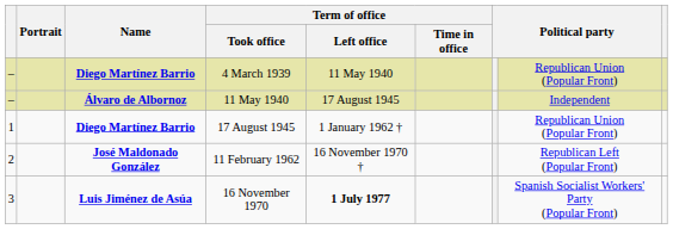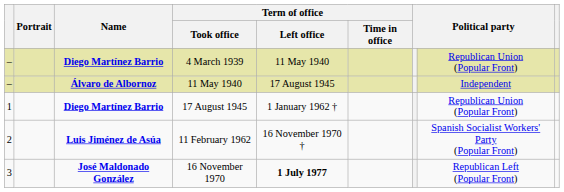 <table class="wikitable" style="text-align:center">
 <tr>
 <th rowspan=2></th>
 <th rowspan=2>Portrait</th>
 <th rowspan=2>Name<br></th>
 <th colspan=3>Term of office</th>
 <th colspan=2 rowspan=2>Political party</th>
 <th rowspan=2></th>
 </tr>
 <tr>
 <th>Took office</th>
 <th>Left office</th>
 <th>Time in office</th>
 </tr>
 <tr style="background:#e6e6aa;">
 <td>–</td>
 <td></td>
 <td><strong><a href='#'>Diego Martínez Barrio</a></strong><br></td>
 <td>4 March 1939</td>
 <td>11 May 1940</td>
 <td></td>
 <th style="background-color:"></th>
 <td><a href='#'>Republican Union</a><br>(<a href='#'>Popular Front</a>)</td>
 <td></td>
 </tr>
 <tr style="background:#e6e6aa;">
 <td>–</td>
 <td></td>
 <td><strong><a href='#'>Álvaro de Albornoz</a></strong><br></td>
 <td>11 May 1940</td>
 <td>17 August 1945</td>
 <td></td>
 <th style="background-color:"></th>
 <td><a href='#'>Independent</a></td>
 <td></td>
 </tr>
 <tr>
 <td>1</td>
 <td></td>
 <td><strong><a href='#'>Diego Martínez Barrio</a></strong><br></td>
 <td>17 August 1945</td>
 <td>1 January 1962 †</td>
 <td></td>
 <th style="background-color:"></th>
 <td><a href='#'>Republican Union</a><br>(<a href='#'>Popular Front</a>)</td>
 <td></td>
 </tr>
 <tr>
 <td>2</td>
 <td></td>
-<td><strong><a href='#'>José Maldonado González</a></strong><br></td>
+<td><strong><a href='#'>Luis Jiménez de Asúa</a></strong><br></td>
 <td>11 February 1962</td>
 <td>16 November 1970 †</td>
+<td></td>
+<th style="background-color:"></th>
+<td><a href='#'>Spanish Socialist Workers' Party</a><br>(<a href='#'>Popular Front</a>)</td>
+<td></td>
+</tr>
+<tr>
+<td>3</td>
+<td></td>
+<td><strong><a href='#'>José Maldonado González</a></strong><br></td>
+<td>16 November 1970</td>
+<td><strong>1 July 1977</strong></td>
 <td></td>
 <th style="background-color:"></th>
 <td><a href='#'>Republican Left</a><br>(<a href='#'>Popular Front</a>)</td>
 <td></td>
 </tr>
-<tr>
-<td>3</td>
-<td></td>
-<td><strong><a href='#'>Luis Jiménez de Asúa</a></strong><br></td>
-<td>16 November 1970</td>
-<td><strong>1 July 1977</strong></td>
-<td></td>
-<th style="background-color:"></th>
-<td><a href='#'>Spanish Socialist Workers' Party</a><br>(<a href='#'>Popular Front</a>)</td>
-<td></td>
-</tr>
 </table>
